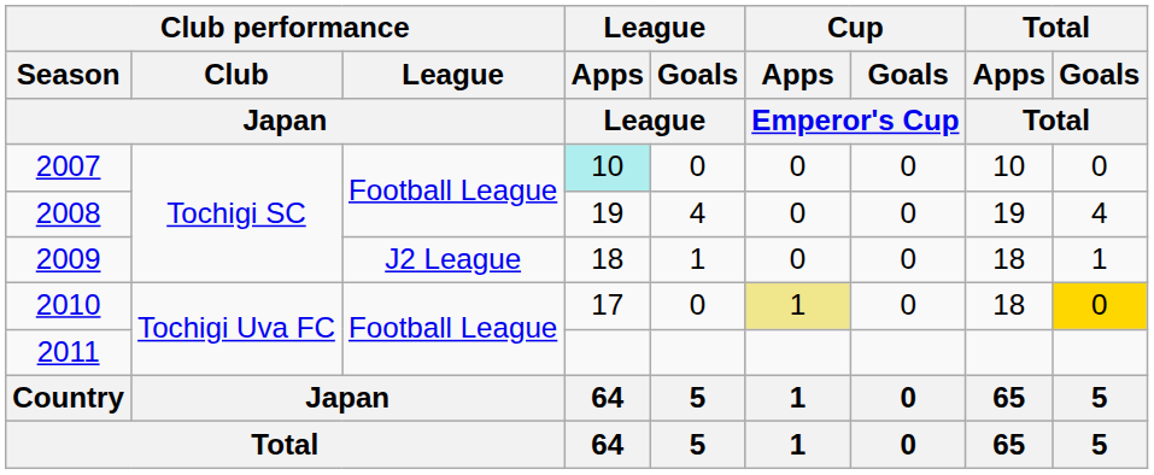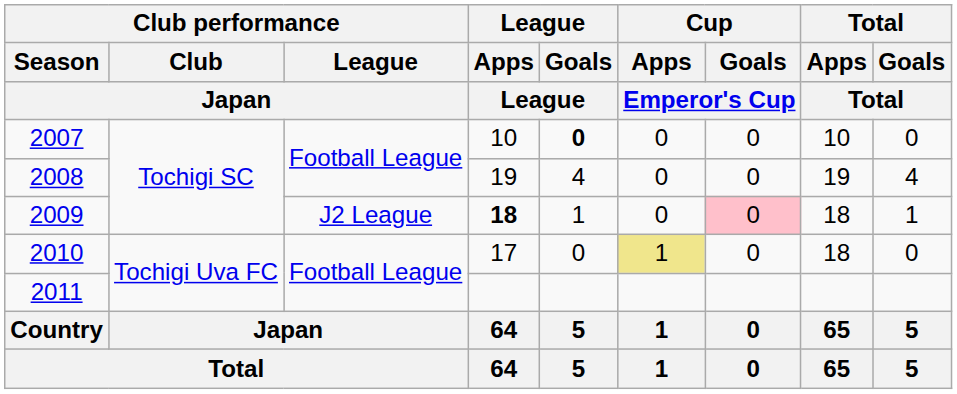 <table class="wikitable" style="text-align:center;">
 <tr>
 <th colspan=3>Club performance</th>
 <th colspan=2>League</th>
 <th colspan=2>Cup</th>
 <th colspan=2>Total</th>
 </tr>
 <tr>
 <th>Season</th>
 <th>Club</th>
 <th>League</th>
 <th>Apps</th>
 <th>Goals</th>
 <th>Apps</th>
 <th>Goals</th>
 <th>Apps</th>
 <th>Goals</th>
 </tr>
 <tr>
 <th colspan=3>Japan</th>
 <th colspan=2>League</th>
 <th colspan=2><a href='#'>Emperor's Cup</a></th>
 <th colspan=2>Total</th>
 </tr>
 <tr>
 <td><a href='#'>2007</a></td>
 <td rowspan="3"><a href='#'>Tochigi SC</a></td>
 <td rowspan="2"><a href='#'>Football League</a></td>
-<td style="background: paleturquoise;">10</td>
-<td>0</td>
+<td>10</td>
+<td><strong>0</strong></td>
 <td>0</td>
 <td>0</td>
 <td>10</td>
 <td>0</td>
 </tr>
 <tr>
 <td><a href='#'>2008</a></td>
 <td>19</td>
 <td>4</td>
 <td>0</td>
 <td>0</td>
 <td>19</td>
 <td>4</td>
 </tr>
 <tr>
 <td><a href='#'>2009</a></td>
 <td><a href='#'>J2 League</a></td>
-<td>18</td>
+<td><strong>18</strong></td>
 <td>1</td>
 <td>0</td>
-<td>0</td>
+<td style="background: pink;">0</td>
 <td>18</td>
 <td>1</td>
 </tr>
 <tr>
 <td><a href='#'>2010</a></td>
 <td rowspan="2"><a href='#'>Tochigi Uva FC</a></td>
 <td rowspan="2"><a href='#'>Football League</a></td>
 <td>17</td>
 <td>0</td>
 <td style="background: khaki;">1</td>
 <td>0</td>
 <td>18</td>
-<td style="background: gold;">0</td>
+<td>0</td>
 </tr>
 <tr>
 <td><a href='#'>2011</a></td>
 <td></td>
 <td></td>
 <td></td>
 <td></td>
 <td></td>
 <td></td>
 </tr>
 <tr>
 <th rowspan=1>Country</th>
 <th colspan=2>Japan</th>
 <th>64</th>
 <th>5</th>
 <th>1</th>
 <th>0</th>
 <th>65</th>
 <th>5</th>
 </tr>
 <tr>
 <th colspan=3>Total</th>
 <th>64</th>
 <th>5</th>
 <th>1</th>
 <th>0</th>
 <th>65</th>
 <th>5</th>
 </tr>
 </table>
